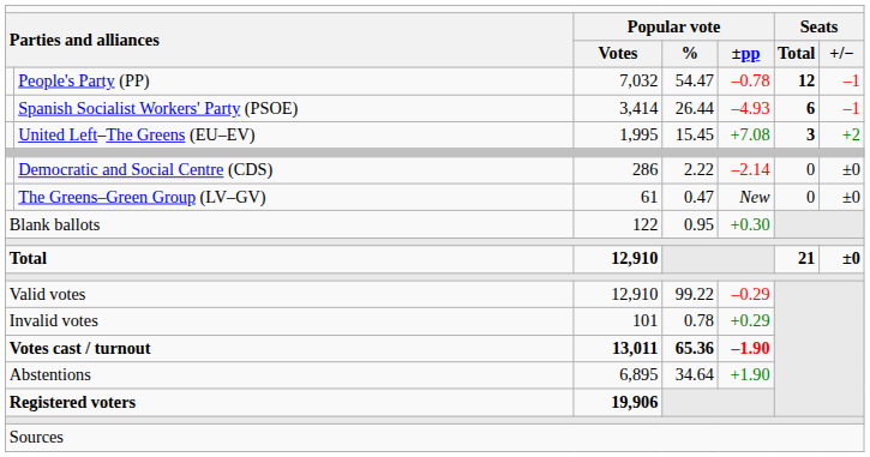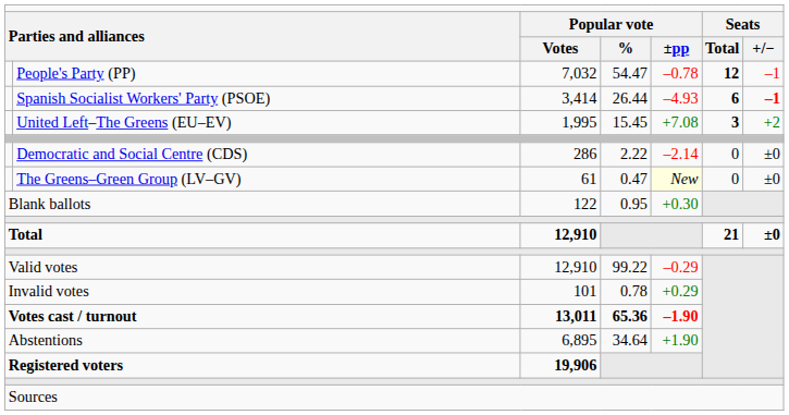 <table class="wikitable" style="text-align:right;">
 <tr>
 <td colspan="7"></td>
 </tr>
 <tr>
 <th style="text-align:left;" rowspan="2" colspan="2" width="525">Parties and alliances</th>
 <th colspan="3">Popular vote</th>
 <th colspan="2">Seats</th>
 </tr>
 <tr>
 <th width="75">Votes</th>
 <th width="45">%</th>
 <th width="45">±<a href='#'>pp</a></th>
 <th width="35">Total</th>
 <th width="35">+/−</th>
 </tr>
 <tr>
 <td width="1" style="color:inherit;background:"></td>
 <td align="left"><a href='#'>People's Party</a> (PP)</td>
 <td>7,032</td>
 <td>54.47</td>
 <td style="color:red;">–0.78</td>
 <td><strong>12</strong></td>
 <td style="color:red;">–1</td>
 </tr>
 <tr>
 <td style="color:inherit;background:"></td>
 <td align="left"><a href='#'>Spanish Socialist Workers' Party</a> (PSOE)</td>
 <td>3,414</td>
 <td>26.44</td>
 <td style="color:red;">–4.93</td>
 <td><strong>6</strong></td>
-<td style="color:red;">–1</td>
+<td style="color:red;"><strong>–1</strong></td>
 </tr>
 <tr>
 <td style="color:inherit;background:"></td>
 <td align="left"><a href='#'>United Left</a>–<a href='#'>The Greens</a> (EU–EV)</td>
 <td>1,995</td>
 <td>15.45</td>
 <td style="color:green;">+7.08</td>
 <td><strong>3</strong></td>
 <td style="color:green;">+2</td>
 </tr>
 <tr>
 <td colspan="7" bgcolor="#C0C0C0"></td>
 </tr>
 <tr>
 <td style="color:inherit;background:"></td>
 <td align="left"><a href='#'>Democratic and Social Centre</a> (CDS)</td>
 <td>286</td>
 <td>2.22</td>
 <td style="color:red;">–2.14</td>
 <td>0</td>
 <td>±0</td>
 </tr>
 <tr>
 <td style="color:inherit;background:"></td>
 <td align="left"><a href='#'>The Greens–Green Group</a> (LV–GV)</td>
 <td>61</td>
 <td>0.47</td>
-<td><em>New</em></td>
+<td style="background: lightyellow;"><em>New</em></td>
 <td>0</td>
 <td>±0</td>
 </tr>
 <tr>
 <td align="left" colspan="2">Blank ballots</td>
 <td>122</td>
 <td>0.95</td>
 <td style="color:green;">+0.30</td>
 <td bgcolor="#E9E9E9" colspan="2"></td>
 </tr>
 <tr>
 <td colspan="7" bgcolor="#E9E9E9"></td>
 </tr>
 <tr style="font-weight:bold;">
 <td align="left" colspan="2">Total</td>
 <td>12,910</td>
 <td bgcolor="#E9E9E9" colspan="2"></td>
 <td>21</td>
 <td>±0</td>
 </tr>
 <tr>
 <td colspan="7" bgcolor="#E9E9E9"></td>
 </tr>
 <tr>
 <td align="left" colspan="2">Valid votes</td>
 <td>12,910</td>
 <td>99.22</td>
 <td style="color:red;">–0.29</td>
 <td bgcolor="#E9E9E9" colspan="2" rowspan="5"></td>
 </tr>
 <tr>
 <td align="left" colspan="2">Invalid votes</td>
 <td>101</td>
 <td>0.78</td>
 <td style="color:green;">+0.29</td>
 </tr>
 <tr style="font-weight:bold;">
 <td align="left" colspan="2">Votes cast / turnout</td>
 <td>13,011</td>
 <td>65.36</td>
 <td style="color:red;">–1.90</td>
 </tr>
 <tr>
 <td align="left" colspan="2">Abstentions</td>
 <td>6,895</td>
 <td>34.64</td>
 <td style="color:green;">+1.90</td>
 </tr>
 <tr style="font-weight:bold;">
 <td align="left" colspan="2">Registered voters</td>
 <td>19,906</td>
 <td bgcolor="#E9E9E9" colspan="2"></td>
 </tr>
 <tr>
 <td colspan="7" bgcolor="#E9E9E9"></td>
 </tr>
 <tr>
 <td align="left" colspan="7">Sources</td>
 </tr>
 </table>
